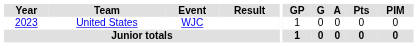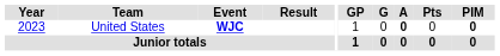 <table border="0" cellpadding="1" cellspacing="0" ID="Table3" style="text-align:center; width:40em;">
 <tr bgcolor="#e0e0e0">
 <th>Year</th>
 <th>Team</th>
 <th>Event</th>
 <th>Result</th>
 <th rowspan="98" bgcolor="#ffffff"></th>
 <th>GP</th>
 <th>G</th>
 <th>A</th>
 <th>Pts</th>
 <th>PIM</th>
 </tr>
 <tr>
 <td><a href='#'>2023</a></td>
 <td><a href='#'>United States</a></td>
-<td><a href='#'>WJC</a></td>
+<td><strong><a href='#'>WJC</a></strong></td>
 <td></td>
 <td>1</td>
 <td>0</td>
+<td><strong>0</strong></td>
 <td>0</td>
-<td>0</td>
-<td>0</td>
+<td><strong>0</strong></td>
 </tr>
 <tr bgcolor="#e0e0e0">
 <th colspan="4">Junior totals</th>
 <th>1</th>
 <th>0</th>
 <th>0</th>
 <th>0</th>
 <th>0</th>
 </tr>
 </table>
